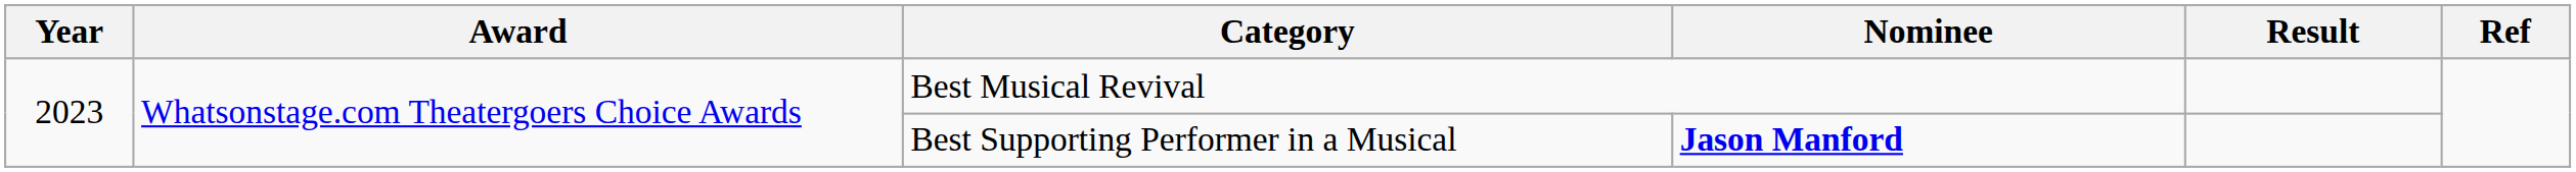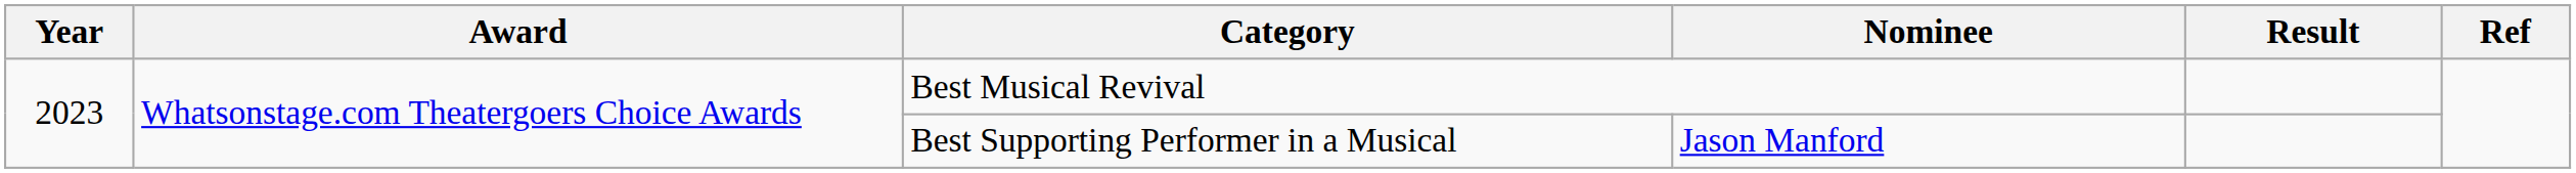 <table class="wikitable" style="width:95%;">
 <tr>
 <th style="width:5%;">Year</th>
 <th style="width:30%;">Award</th>
 <th style="width:30%;">Category</th>
 <th style="width:20%;">Nominee</th>
 <th style="width:10%;">Result</th>
 <th style="width:5%;">Ref</th>
 </tr>
 <tr>
 <td rowspan="3" style="text-align:center;">2023</td>
 <td rowspan="2"><a href='#'>Whatsonstage.com Theatergoers Choice Awards</a></td>
 <td colspan="2">Best Musical Revival</td>
 <td></td>
 <td rowspan="2" style="text-align:center;"></td>
 </tr>
 <tr>
 <td>Best Supporting Performer in a Musical</td>
-<td><strong><a href='#'>Jason Manford</a></strong></td>
+<td><a href='#'>Jason Manford</a></td>
 <td></td>
 </tr>
 </table>
